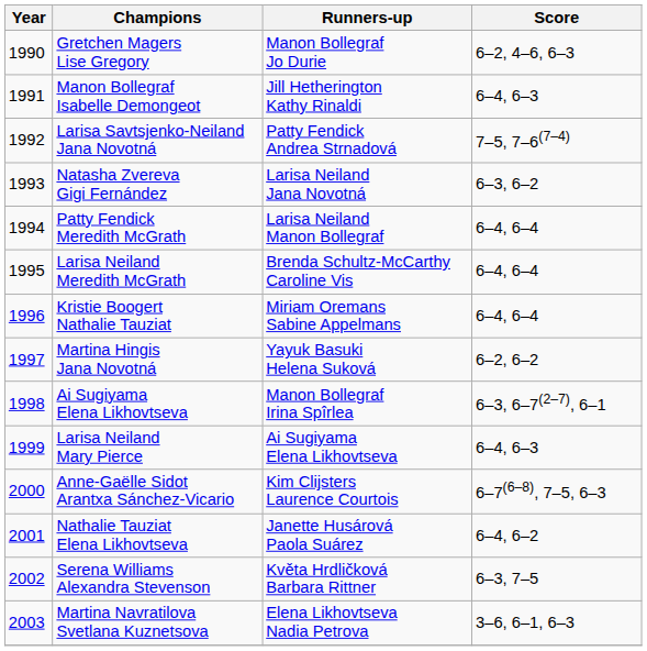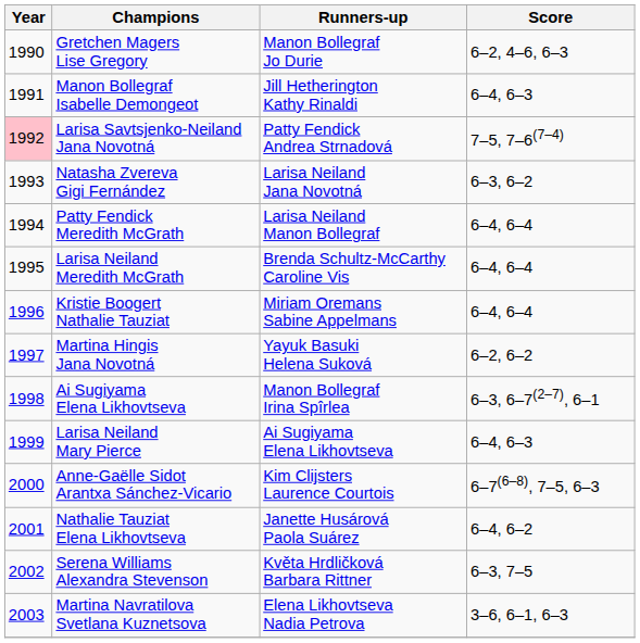 <table class="wikitable">
 <tr>
 <th style="width:40px">Year</th>
 <th style="width:200px">Champions</th>
 <th style="width:200px">Runners-up</th>
 <th style="width:160px" class="unsortable">Score</th>
 </tr>
 <tr>
 <td>1990</td>
 <td> <a href='#'>Gretchen Magers</a> <br>  <a href='#'>Lise Gregory</a></td>
 <td> <a href='#'>Manon Bollegraf</a> <br>  <a href='#'>Jo Durie</a></td>
 <td>6–2, 4–6, 6–3</td>
 </tr>
 <tr>
 <td>1991</td>
 <td> <a href='#'>Manon Bollegraf</a> <br>  <a href='#'>Isabelle Demongeot</a></td>
 <td> <a href='#'>Jill Hetherington</a> <br>  <a href='#'>Kathy Rinaldi</a></td>
 <td>6–4, 6–3</td>
 </tr>
 <tr>
-<td>1992</td>
+<td style="background: pink;">1992</td>
 <td> <a href='#'>Larisa Savtsjenko-Neiland</a> <br>  <a href='#'>Jana Novotná</a></td>
 <td> <a href='#'>Patty Fendick</a> <br>  <a href='#'>Andrea Strnadová</a></td>
 <td>7–5, 7–6<sup>(7–4)</sup></td>
 </tr>
 <tr>
 <td>1993</td>
 <td> <a href='#'>Natasha Zvereva</a> <br>  <a href='#'>Gigi Fernández</a></td>
 <td> <a href='#'>Larisa Neiland</a> <br>  <a href='#'>Jana Novotná</a></td>
 <td>6–3, 6–2</td>
 </tr>
 <tr>
 <td>1994</td>
 <td> <a href='#'>Patty Fendick</a> <br>  <a href='#'>Meredith McGrath</a></td>
 <td> <a href='#'>Larisa Neiland</a> <br>  <a href='#'>Manon Bollegraf</a></td>
 <td>6–4, 6–4</td>
 </tr>
 <tr>
 <td>1995</td>
 <td> <a href='#'>Larisa Neiland</a> <br>  <a href='#'>Meredith McGrath</a></td>
 <td> <a href='#'>Brenda Schultz-McCarthy</a> <br>  <a href='#'>Caroline Vis</a></td>
 <td>6–4, 6–4</td>
 </tr>
 <tr>
 <td><a href='#'>1996</a></td>
 <td> <a href='#'>Kristie Boogert</a> <br>  <a href='#'>Nathalie Tauziat</a></td>
 <td> <a href='#'>Miriam Oremans</a> <br>  <a href='#'>Sabine Appelmans</a></td>
 <td>6–4, 6–4</td>
 </tr>
 <tr>
 <td><a href='#'>1997</a></td>
 <td> <a href='#'>Martina Hingis</a> <br>  <a href='#'>Jana Novotná</a></td>
 <td> <a href='#'>Yayuk Basuki</a> <br>  <a href='#'>Helena Suková</a></td>
 <td>6–2, 6–2</td>
 </tr>
 <tr>
 <td><a href='#'>1998</a></td>
 <td> <a href='#'>Ai Sugiyama</a> <br>  <a href='#'>Elena Likhovtseva</a></td>
 <td> <a href='#'>Manon Bollegraf</a> <br>  <a href='#'>Irina Spîrlea</a></td>
 <td>6–3, 6–7<sup>(2–7)</sup>, 6–1</td>
 </tr>
 <tr>
 <td><a href='#'>1999</a></td>
 <td> <a href='#'>Larisa Neiland</a> <br>  <a href='#'>Mary Pierce</a></td>
 <td> <a href='#'>Ai Sugiyama</a> <br>  <a href='#'>Elena Likhovtseva</a></td>
 <td>6–4, 6–3</td>
 </tr>
 <tr>
 <td><a href='#'>2000</a></td>
 <td> <a href='#'>Anne-Gaëlle Sidot</a> <br>  <a href='#'>Arantxa Sánchez-Vicario</a></td>
 <td> <a href='#'>Kim Clijsters</a> <br>  <a href='#'>Laurence Courtois</a></td>
 <td>6–7<sup>(6–8)</sup>, 7–5, 6–3</td>
 </tr>
 <tr>
 <td><a href='#'>2001</a></td>
 <td> <a href='#'>Nathalie Tauziat</a> <br>  <a href='#'>Elena Likhovtseva</a></td>
 <td> <a href='#'>Janette Husárová</a> <br>  <a href='#'>Paola Suárez</a></td>
 <td>6–4, 6–2</td>
 </tr>
 <tr>
 <td><a href='#'>2002</a></td>
 <td> <a href='#'>Serena Williams</a> <br>  <a href='#'>Alexandra Stevenson</a></td>
 <td> <a href='#'>Květa Hrdličková</a> <br>  <a href='#'>Barbara Rittner</a></td>
 <td>6–3, 7–5</td>
 </tr>
 <tr>
 <td><a href='#'>2003</a></td>
 <td> <a href='#'>Martina Navratilova</a> <br>  <a href='#'>Svetlana Kuznetsova</a></td>
 <td> <a href='#'>Elena Likhovtseva</a> <br>  <a href='#'>Nadia Petrova</a></td>
 <td>3–6, 6–1, 6–3</td>
 </tr>
 <tr>
 </tr>
 </table>
